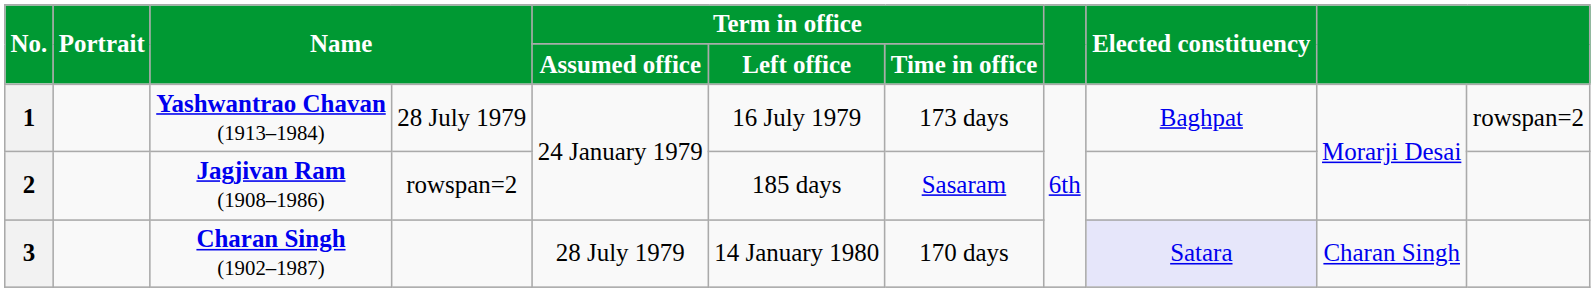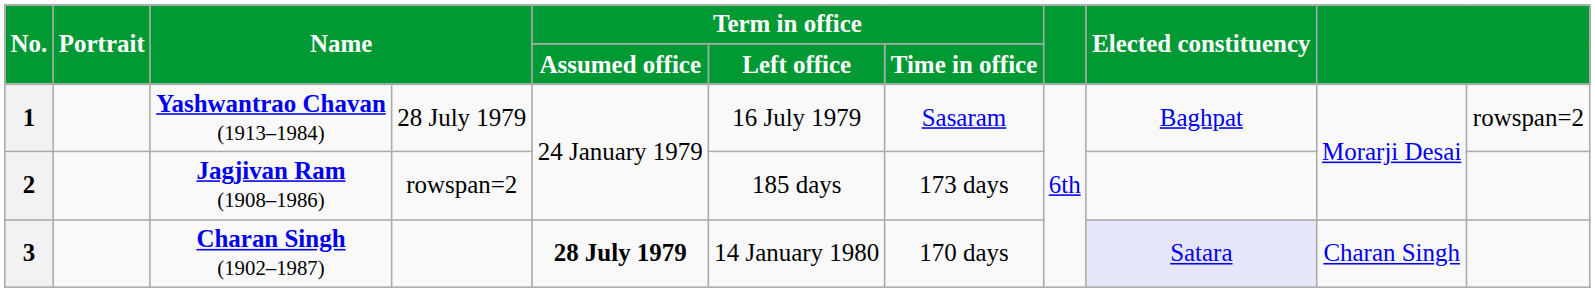 <table class="wikitable sortable" style="text-align:center;">
 <tr>
 <th rowspan=2 style="background-color:#009933;color:white">No.</th>
 <th rowspan=2 style="background-color:#009933;color:white">Portrait</th>
 <th rowspan=2 colspan=2 style="background-color:#009933;color:white">Name<br></th>
 <th colspan=3 style="background-color:#009933;color:white">Term in office</th>
 <th rowspan=2 style="background-color:#009933;color:white"><a href='#'></a><br></th>
 <th rowspan=2 style="background-color:#009933;color:white">Elected constituency<br></th>
 <th rowspan=2 colspan=2 style="background-color:#009933;color:white"><a href='#'></a></th>
 </tr>
 <tr>
 <th style="background-color:#009933;color:white">Assumed office</th>
 <th style="background-color:#009933;color:white">Left office</th>
 <th style="background-color:#009933;color:white">Time in office</th>
 </tr>
 <tr>
 <th>1</th>
 <td></td>
 <td><strong><a href='#'>Yashwantrao Chavan</a></strong><br><small>(1913–1984)</small></td>
 <td>28 July 1979</td>
 <td rowspan=2>24 January 1979</td>
 <td>16 July 1979</td>
-<td>173 days</td>
+<td><a href='#'>Sasaram</a><br></td>
 <td rowspan=3><a href='#'>6th</a><br></td>
 <td><a href='#'>Baghpat</a><br></td>
 <td rowspan=2><a href='#'>Morarji Desai</a></td>
 <td>rowspan=2 </td>
 </tr>
 <tr>
 <th>2</th>
 <td></td>
 <td><strong><a href='#'>Jagjivan Ram</a></strong><br><small>(1908–1986)</small></td>
 <td>rowspan=2 </td>
 <td>185 days</td>
-<td><a href='#'>Sasaram</a><br></td>
+<td>173 days</td>
 </tr>
 <tr>
 <th>3</th>
 <td></td>
 <td><strong><a href='#'>Charan Singh</a></strong><br><small>(1902–1987)</small></td>
 <td></td>
-<td>28 July 1979</td>
+<td><strong>28 July 1979</strong></td>
 <td>14 January 1980</td>
 <td>170 days</td>
 <td style="background: lavender;"><a href='#'>Satara</a><br></td>
 <td><a href='#'>Charan Singh</a></td>
 <td></td>
 </tr>
 </table>
